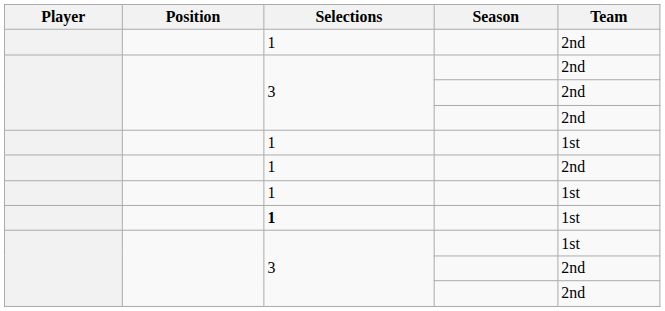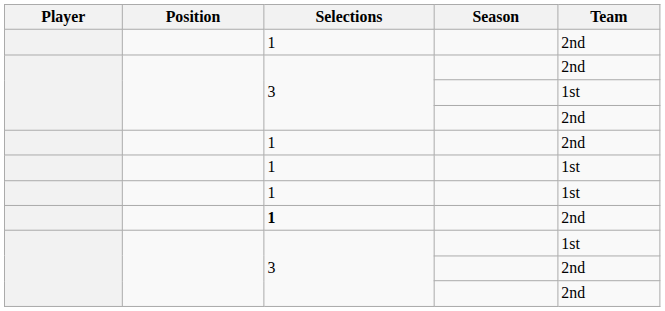 <table class="wikitable sortable" width="75%">
 <tr>
 <th scope="col">Player</th>
 <th scope="col">Position</th>
 <th scope="col">Selections</th>
 <th scope="col">Season</th>
 <th scope="col">Team</th>
 </tr>
 <tr>
 <th scope="row"></th>
 <td></td>
 <td>1</td>
 <td></td>
 <td>2nd</td>
 </tr>
 <tr>
 <th scope="row" rowspan="3"></th>
 <td rowspan="3"></td>
 <td rowspan="3">3</td>
 <td></td>
 <td>2nd</td>
 </tr>
 <tr>
 <td></td>
-<td>2nd</td>
+<td>1st</td>
 </tr>
 <tr>
 <td></td>
 <td>2nd</td>
-</tr>
-<tr>
-<th scope="row"></th>
-<td></td>
-<td>1</td>
-<td></td>
-<td>1st</td>
 </tr>
 <tr>
 <th scope="row"></th>
 <td></td>
 <td>1</td>
 <td></td>
 <td>2nd</td>
 </tr>
 <tr>
 <th scope="row"></th>
 <td></td>
 <td>1</td>
 <td></td>
 <td>1st</td>
 </tr>
 <tr>
 <th scope="row"></th>
 <td></td>
+<td>1</td>
+<td></td>
+<td>1st</td>
+</tr>
+<tr>
+<th scope="row"></th>
+<td></td>
 <td><strong>1</strong></td>
 <td></td>
-<td>1st</td>
+<td>2nd</td>
 </tr>
 <tr>
 <th scope="row" rowspan="3"></th>
 <td rowspan="3"></td>
 <td rowspan="3">3</td>
 <td></td>
 <td>1st</td>
 </tr>
 <tr>
 <td></td>
 <td>2nd</td>
 </tr>
 <tr>
 <td></td>
 <td>2nd</td>
 </tr>
 </table>
